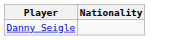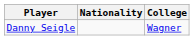 <table class="wikitable sortable sortable">
 <tr>
 <th>Player</th>
 <th>Nationality</th>
+<th>College</th>
 </tr>
 <tr>
 <td align="center"><a href='#'>Danny Seigle</a></td>
 <td align="center"></td>
+<td><a href='#'>Wagner</a></td>
 </tr>
 </table>
